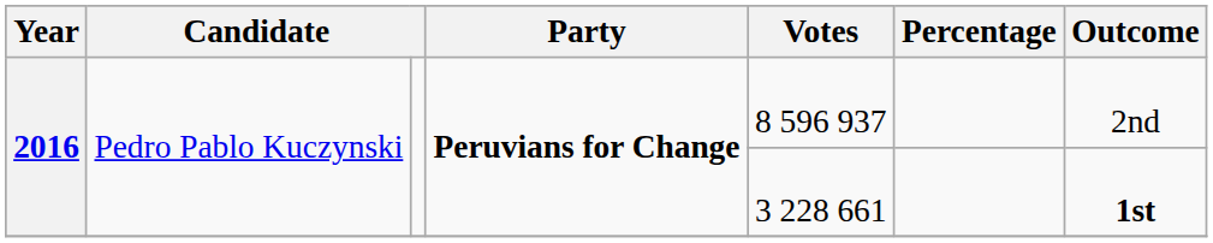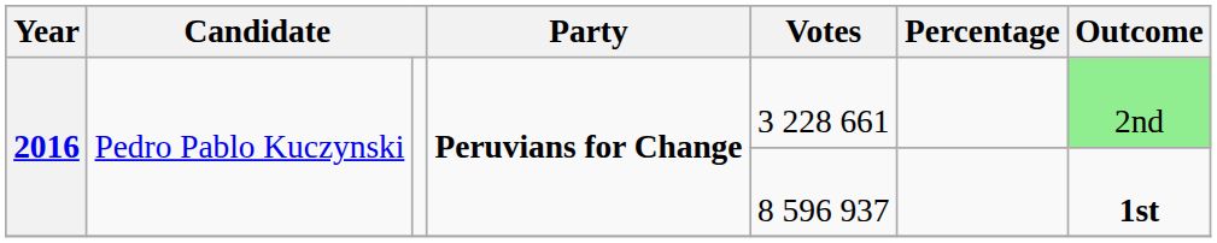 <table class="wikitable" style="text-align:center">
 <tr>
 <th>Year</th>
 <th colspan="2">Candidate</th>
 <th>Party</th>
 <th>Votes</th>
 <th>Percentage</th>
 <th>Outcome</th>
 </tr>
 <tr>
 <th rowspan="2"><strong><a href='#'>2016</a></strong></th>
 <td rowspan="2"><a href='#'>Pedro Pablo Kuczynski</a></td>
 <td rowspan="2"></td>
 <td rowspan="2"><strong>Peruvians for Change</strong></td>
-<td><br>8 596 937</td>
+<td><br>3 228 661</td>
 <td></td>
-<td><br>2nd</td>
+<td style="background: lightgreen;"><br>2nd</td>
 </tr>
 <tr>
-<td><br>3 228 661</td>
+<td><br>8 596 937</td>
 <td></td>
 <td><strong><br>1st</strong></td>
 </tr>
 <tr>
 </tr>
 </table>
